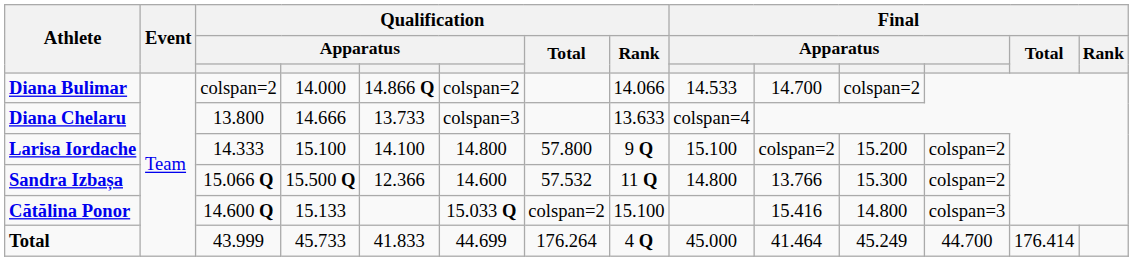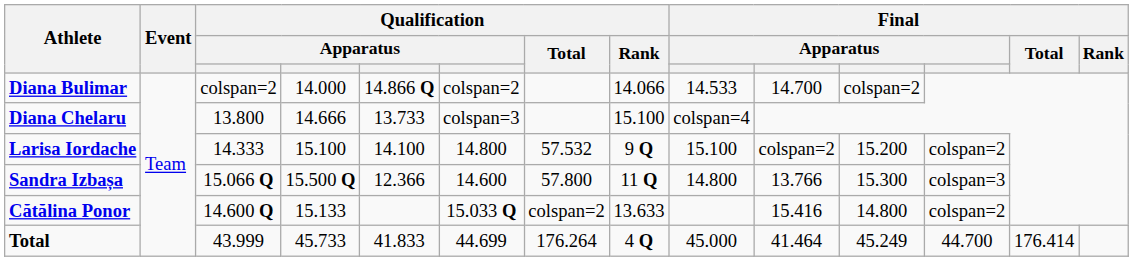 <table class="wikitable" style="font-size:90%">
 <tr>
 <th rowspan=3>Athlete</th>
 <th rowspan=3>Event</th>
 <th colspan=6>Qualification</th>
 <th colspan=6>Final</th>
 </tr>
 <tr style="font-size:95%">
 <th colspan=4>Apparatus</th>
 <th rowspan=2>Total</th>
 <th rowspan=2>Rank</th>
 <th colspan=4>Apparatus</th>
 <th rowspan=2>Total</th>
 <th rowspan=2>Rank</th>
 </tr>
 <tr style="font-size:95%">
 <th></th>
 <th></th>
 <th></th>
 <th></th>
 <th></th>
 <th></th>
 <th></th>
 <th></th>
 </tr>
 <tr align=center>
 <td align=left><strong><a href='#'>Diana Bulimar</a></strong></td>
 <td align=left rowspan=6><a href='#'>Team</a></td>
 <td>colspan=2 </td>
 <td>14.000</td>
 <td>14.866 <strong>Q</strong></td>
 <td>colspan=2 </td>
 <td></td>
 <td>14.066</td>
 <td>14.533</td>
 <td>14.700</td>
 <td>colspan=2 </td>
 </tr>
 <tr align=center>
 <td align=left><strong><a href='#'>Diana Chelaru</a></strong></td>
 <td>13.800</td>
 <td>14.666</td>
 <td>13.733</td>
 <td>colspan=3 </td>
 <td></td>
-<td>13.633</td>
+<td>15.100</td>
 <td>colspan=4 </td>
 </tr>
 <tr align=center>
 <td align=left><strong><a href='#'>Larisa Iordache</a></strong></td>
 <td>14.333</td>
 <td>15.100</td>
 <td>14.100</td>
 <td>14.800</td>
-<td>57.800</td>
+<td>57.532</td>
 <td>9 <strong>Q</strong></td>
 <td>15.100</td>
 <td>colspan=2 </td>
 <td>15.200</td>
 <td>colspan=2 </td>
 </tr>
 <tr align=center>
 <td align=left><strong><a href='#'>Sandra Izbașa</a></strong></td>
 <td>15.066 <strong>Q</strong></td>
 <td>15.500 <strong>Q</strong></td>
 <td>12.366</td>
 <td>14.600</td>
-<td>57.532</td>
+<td>57.800</td>
 <td>11 <strong>Q</strong></td>
 <td>14.800</td>
 <td>13.766</td>
 <td>15.300</td>
-<td>colspan=2 </td>
+<td>colspan=3 </td>
 </tr>
 <tr align=center>
 <td align=left><strong><a href='#'>Cătălina Ponor</a></strong></td>
 <td>14.600 <strong>Q</strong></td>
 <td>15.133</td>
 <td></td>
 <td>15.033 <strong>Q</strong></td>
 <td>colspan=2 </td>
-<td>15.100</td>
+<td>13.633</td>
 <td></td>
 <td>15.416</td>
 <td>14.800</td>
-<td>colspan=3 </td>
+<td>colspan=2 </td>
 </tr>
 <tr align=center>
 <td align=left><strong>Total</strong></td>
 <td>43.999</td>
 <td>45.733</td>
 <td>41.833</td>
 <td>44.699</td>
 <td>176.264</td>
 <td>4 <strong>Q</strong></td>
 <td>45.000</td>
 <td>41.464</td>
 <td>45.249</td>
 <td>44.700</td>
 <td>176.414</td>
 <td></td>
 </tr>
 </table>
